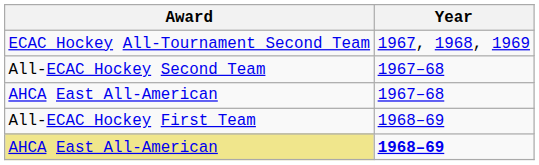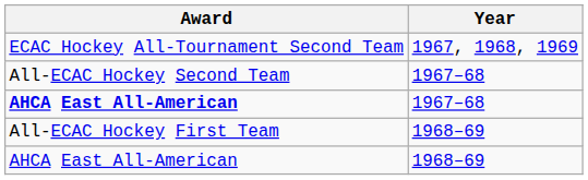 <table class="wikitable">
 <tr>
 <th>Award</th>
 <th>Year</th>
 </tr>
 <tr>
 <td><a href='#'>ECAC Hockey</a> <a href='#'>All-Tournament Second Team</a></td>
 <td><a href='#'>1967</a>, <a href='#'>1968</a>, <a href='#'>1969</a></td>
 </tr>
 <tr>
 <td>All-<a href='#'>ECAC Hockey</a> <a href='#'>Second Team</a></td>
 <td><a href='#'>1967–68</a></td>
 </tr>
 <tr>
-<td><a href='#'>AHCA</a> <a href='#'>East All-American</a></td>
+<td><strong><a href='#'>AHCA</a> <a href='#'>East All-American</a></strong></td>
 <td><a href='#'>1967–68</a></td>
 </tr>
 <tr>
 <td>All-<a href='#'>ECAC Hockey</a> <a href='#'>First Team</a></td>
 <td><a href='#'>1968–69</a></td>
 </tr>
 <tr>
-<td style="background: khaki;"><a href='#'>AHCA</a> <a href='#'>East All-American</a></td>
-<td><strong><a href='#'>1968–69</a></strong></td>
+<td><a href='#'>AHCA</a> <a href='#'>East All-American</a></td>
+<td><a href='#'>1968–69</a></td>
 </tr>
 </table>
